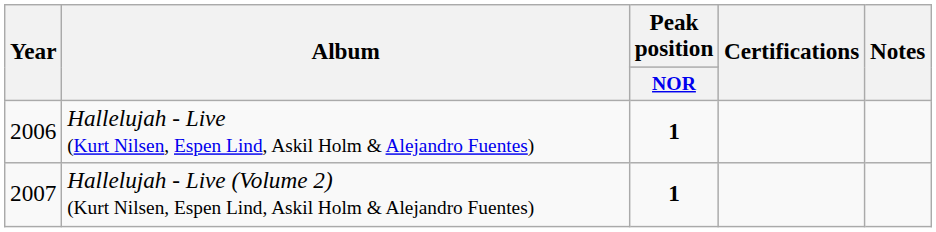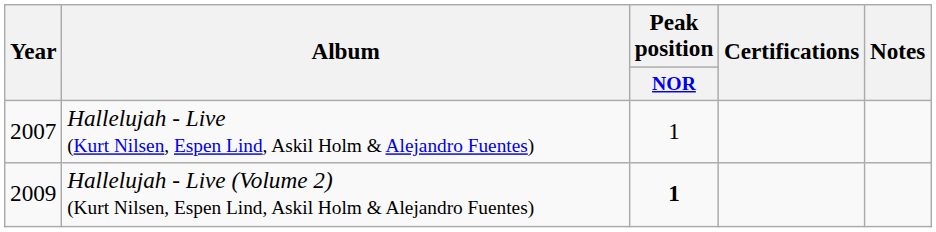 <table class="wikitable plainrowheaders" style="text-align:center;">
 <tr>
 <th scope="col" rowspan="2">Year</th>
 <th scope="col" rowspan="2" style="width:24em;">Album</th>
 <th scope="col">Peak position</th>
 <th scope="col" rowspan="2">Certifications</th>
 <th scope="col" rowspan="2">Notes</th>
 </tr>
 <tr>
 <th scope="col" style="width:3em;font-size:85%;"><a href='#'>NOR</a><br></th>
 </tr>
 <tr>
-<td>2006</td>
+<td>2007</td>
 <td style="text-align:left;"><em>Hallelujah - Live</em> <br><small>(<a href='#'>Kurt Nilsen</a>, <a href='#'>Espen Lind</a>, Askil Holm & <a href='#'>Alejandro Fuentes</a>)</small></td>
-<td><strong>1</strong></td>
+<td>1</td>
 <td style="text-align:left;"></td>
 <td style="text-align:left;"></td>
 </tr>
 <tr>
-<td>2007</td>
+<td>2009</td>
 <td style="text-align:left;"><em>Hallelujah - Live (Volume 2) </em> <br><small>(Kurt Nilsen, Espen Lind, Askil Holm & Alejandro Fuentes)</small></td>
 <td><strong>1</strong></td>
 <td style="text-align:left;"></td>
 <td style="text-align:left;"></td>
 </tr>
 </table>
